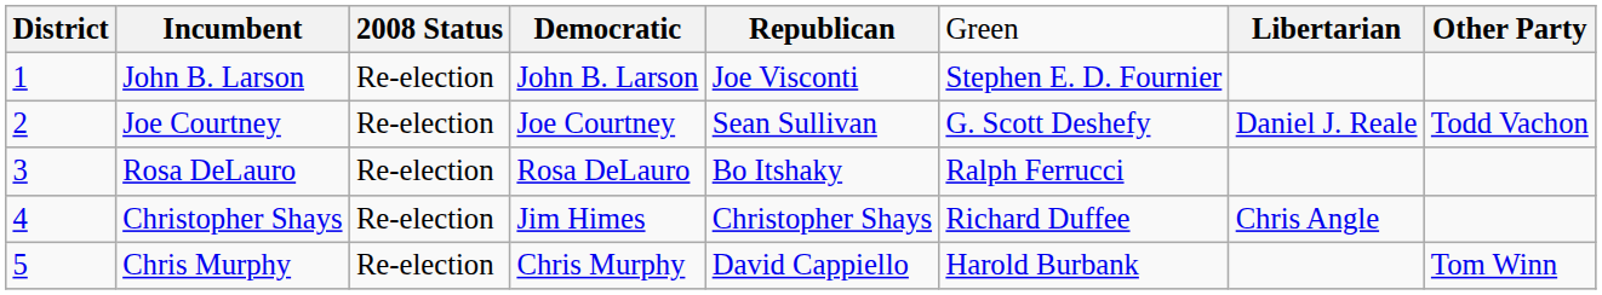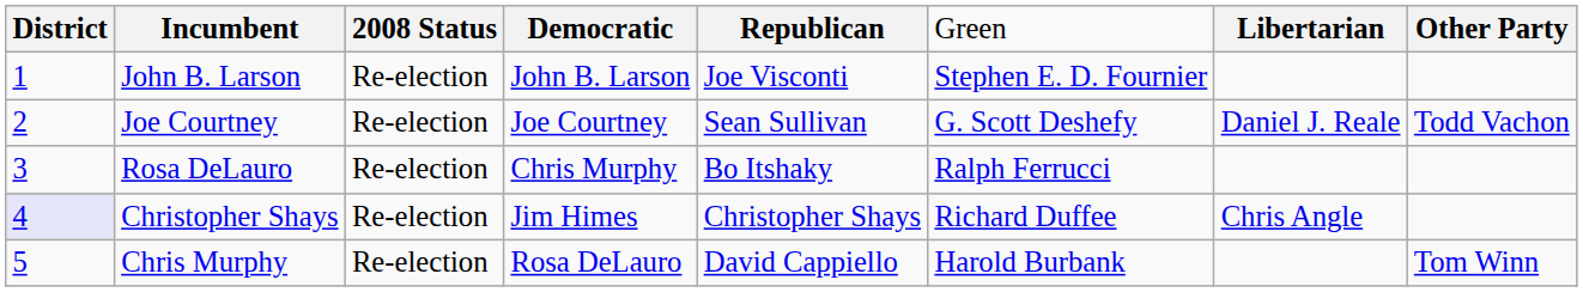 <table class="wikitable">
 <tr>
 <th>District</th>
 <th>Incumbent</th>
 <th>2008 Status</th>
 <th>Democratic</th>
 <th>Republican</th>
 <td>Green</td>
 <th>Libertarian</th>
 <th>Other Party</th>
 </tr>
 <tr>
 <td><a href='#'>1</a></td>
 <td><a href='#'>John B. Larson</a></td>
 <td>Re-election</td>
 <td><a href='#'>John B. Larson</a></td>
 <td><a href='#'>Joe Visconti</a></td>
 <td><a href='#'>Stephen E. D. Fournier</a></td>
 <td></td>
 <td></td>
 </tr>
 <tr>
 <td><a href='#'>2</a></td>
 <td><a href='#'>Joe Courtney</a></td>
 <td>Re-election</td>
 <td><a href='#'>Joe Courtney</a></td>
 <td><a href='#'>Sean Sullivan</a></td>
 <td><a href='#'>G. Scott Deshefy</a></td>
 <td><a href='#'>Daniel J. Reale</a></td>
 <td><a href='#'>Todd Vachon</a></td>
 </tr>
 <tr>
 <td><a href='#'>3</a></td>
 <td><a href='#'>Rosa DeLauro</a></td>
 <td>Re-election</td>
-<td><a href='#'>Rosa DeLauro</a></td>
+<td><a href='#'>Chris Murphy</a></td>
 <td><a href='#'>Bo Itshaky</a></td>
 <td><a href='#'>Ralph Ferrucci</a></td>
 <td></td>
 <td></td>
 </tr>
 <tr>
-<td><a href='#'>4</a></td>
+<td style="background: lavender;"><a href='#'>4</a></td>
 <td><a href='#'>Christopher Shays</a></td>
 <td>Re-election</td>
 <td><a href='#'>Jim Himes</a></td>
 <td><a href='#'>Christopher Shays</a></td>
 <td><a href='#'>Richard Duffee</a></td>
 <td><a href='#'>Chris Angle</a></td>
 <td></td>
 </tr>
 <tr>
 <td><a href='#'>5</a></td>
 <td><a href='#'>Chris Murphy</a></td>
 <td>Re-election</td>
-<td><a href='#'>Chris Murphy</a></td>
+<td><a href='#'>Rosa DeLauro</a></td>
 <td><a href='#'>David Cappiello</a></td>
 <td><a href='#'>Harold Burbank</a></td>
 <td></td>
 <td><a href='#'>Tom Winn</a></td>
 </tr>
 </table>
